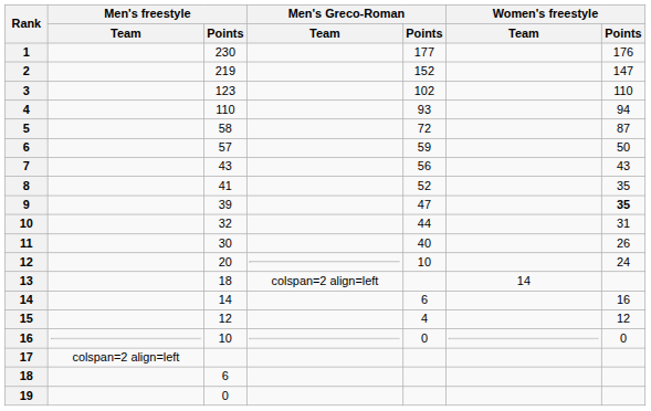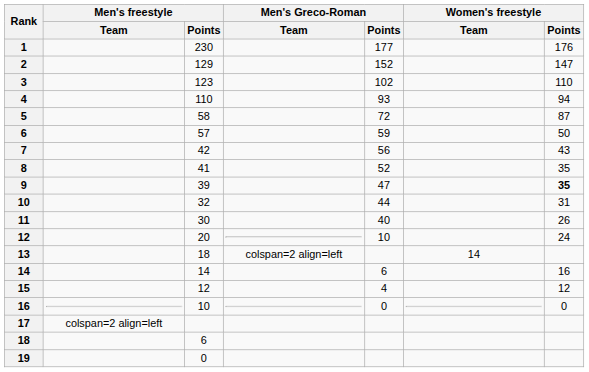 <table class="wikitable" style="text-align:center;">
 <tr>
 <th width=50 rowspan="2">Rank</th>
 <th colspan="2">Men's freestyle</th>
 <th colspan="2">Men's Greco-Roman</th>
 <th colspan="2">Women's freestyle</th>
 </tr>
 <tr>
 <th width=200>Team</th>
 <th width=50>Points</th>
 <th width=200>Team</th>
 <th width=50>Points</th>
 <th width=200>Team</th>
 <th width=50>Points</th>
 </tr>
 <tr>
 <th>1</th>
 <td align=left></td>
 <td>230</td>
 <td align=left></td>
 <td>177</td>
 <td align=left></td>
 <td>176</td>
 </tr>
 <tr>
 <th>2</th>
 <td align=left></td>
-<td>219</td>
+<td>129</td>
 <td align=left></td>
 <td>152</td>
 <td align=left></td>
 <td>147</td>
 </tr>
 <tr>
 <th>3</th>
 <td align=left></td>
 <td>123</td>
 <td align=left></td>
 <td>102</td>
 <td align=left></td>
 <td>110</td>
 </tr>
 <tr>
 <th>4</th>
 <td align=left></td>
 <td>110</td>
 <td align=left></td>
 <td>93</td>
 <td align=left></td>
 <td>94</td>
 </tr>
 <tr>
 <th>5</th>
 <td align=left></td>
 <td>58</td>
 <td align=left></td>
 <td>72</td>
 <td align=left></td>
 <td>87</td>
 </tr>
 <tr>
 <th>6</th>
 <td align=left></td>
 <td>57</td>
 <td align=left></td>
 <td>59</td>
 <td align=left></td>
 <td>50</td>
 </tr>
 <tr>
 <th>7</th>
 <td align=left></td>
-<td>43</td>
+<td>42</td>
 <td align=left></td>
 <td>56</td>
 <td align=left></td>
 <td>43</td>
 </tr>
 <tr>
 <th>8</th>
 <td align=left></td>
 <td>41</td>
 <td align=left></td>
 <td>52</td>
 <td align=left></td>
 <td>35</td>
 </tr>
 <tr>
 <th>9</th>
 <td align=left></td>
 <td>39</td>
 <td align=left></td>
 <td>47</td>
 <td align=left></td>
 <td><strong>35</strong></td>
 </tr>
 <tr>
 <th>10</th>
 <td align=left></td>
 <td>32</td>
 <td align=left></td>
 <td>44</td>
 <td align=left></td>
 <td>31</td>
 </tr>
 <tr>
 <th>11</th>
 <td align=left></td>
 <td>30</td>
 <td align=left></td>
 <td>40</td>
 <td align=left></td>
 <td>26</td>
 </tr>
 <tr>
 <th>12</th>
 <td align=left></td>
 <td>20</td>
 <td align=left><hr></td>
 <td>10</td>
 <td align=left></td>
 <td>24</td>
 </tr>
 <tr>
 <th>13</th>
 <td align=left></td>
 <td>18</td>
 <td>colspan=2 align=left </td>
 <td align=left></td>
 <td>14</td>
 </tr>
 <tr>
 <th>14</th>
 <td align=left></td>
 <td>14</td>
 <td align=left></td>
 <td>6</td>
 <td align=left></td>
 <td>16</td>
 </tr>
 <tr>
 <th>15</th>
 <td align=left></td>
 <td>12</td>
 <td align=left></td>
 <td>4</td>
 <td align=left></td>
 <td>12</td>
 </tr>
 <tr>
 <th>16</th>
 <td align=left><hr></td>
 <td>10</td>
 <td align=left><hr></td>
 <td>0</td>
 <td align=left><hr></td>
 <td>0</td>
 </tr>
 <tr>
 <th>17</th>
 <td>colspan=2 align=left </td>
 <td align=left></td>
 <td></td>
 <td align=left></td>
 <td></td>
 </tr>
 <tr>
 <th>18</th>
 <td align=left></td>
 <td>6</td>
 <td align=left></td>
 <td></td>
 <td align=left></td>
 <td></td>
 </tr>
 <tr>
 <th>19</th>
 <td align=left></td>
 <td>0</td>
 <td align=left></td>
 <td></td>
 <td align=left></td>
 <td></td>
 </tr>
 </table>
